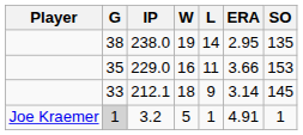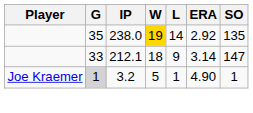 <table class="wikitable sortable" style="text-align:center">
 <tr>
 <th>Player</th>
 <th>G</th>
 <th>IP</th>
 <th>W</th>
 <th>L</th>
 <th>ERA</th>
 <th>SO</th>
 </tr>
 <tr align="center">
 <td></td>
-<td>38</td>
+<td>35</td>
 <td>238.0</td>
-<td>19</td>
+<td style="background: gold;">19</td>
 <td>14</td>
-<td>2.95</td>
+<td>2.92</td>
 <td>135</td>
-</tr>
-<tr align="center">
-<td></td>
-<td>35</td>
-<td>229.0</td>
-<td>16</td>
-<td>11</td>
-<td>3.66</td>
-<td>153</td>
 </tr>
 <tr align="center">
 <td></td>
 <td>33</td>
 <td>212.1</td>
 <td>18</td>
 <td>9</td>
 <td>3.14</td>
-<td>145</td>
+<td>147</td>
 </tr>
 <tr align=center>
 <td><a href='#'>Joe Kraemer</a></td>
 <td style="background: lightgrey;">1</td>
 <td>3.2</td>
 <td>5</td>
 <td>1</td>
-<td>4.91</td>
+<td>4.90</td>
 <td>1</td>
 </tr>
 </table>
